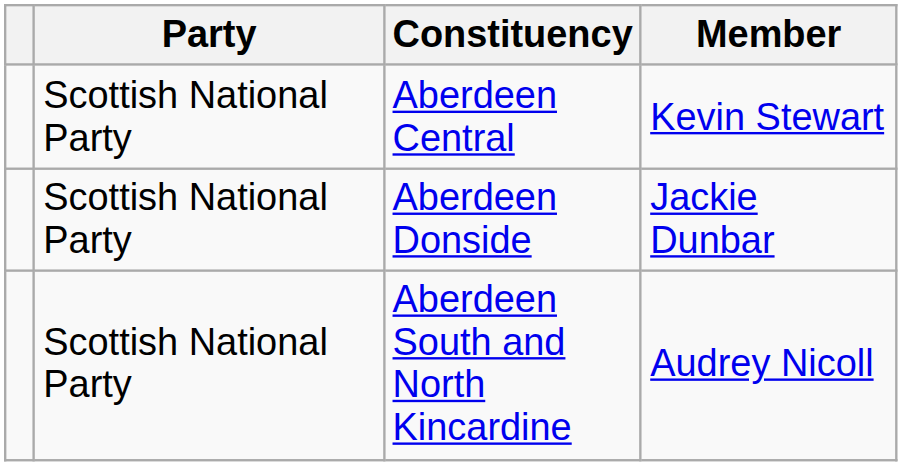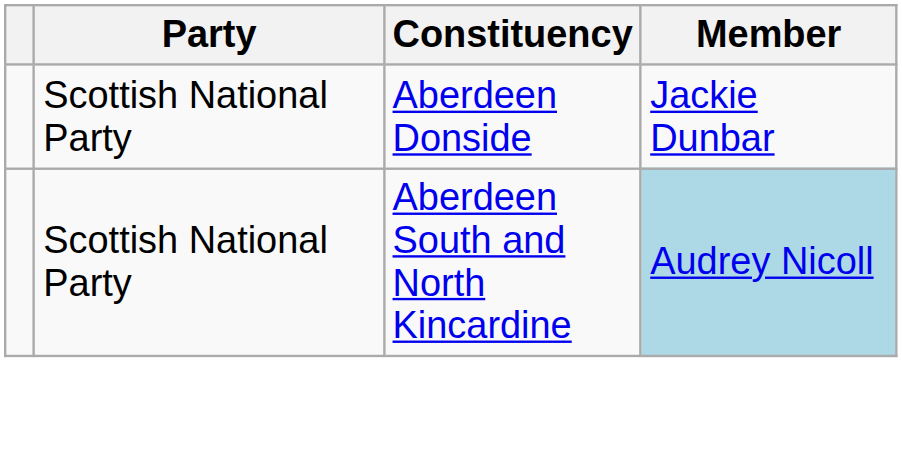 <table class="wikitable">
 <tr>
 <th width="5"></th>
 <th width="140">Party</th>
 <th width="100">Constituency</th>
 <th width="100">Member</th>
-</tr>
-<tr>
-<td></td>
-<td>Scottish National Party</td>
-<td><a href='#'>Aberdeen Central</a></td>
-<td><a href='#'>Kevin Stewart</a></td>
 </tr>
 <tr>
 <td></td>
 <td>Scottish National Party</td>
 <td><a href='#'>Aberdeen Donside</a></td>
 <td><a href='#'>Jackie Dunbar</a></td>
 </tr>
 <tr>
 <td></td>
 <td>Scottish National Party</td>
 <td><a href='#'>Aberdeen South and North Kincardine</a></td>
-<td><a href='#'>Audrey Nicoll</a></td>
+<td style="background: lightblue;"><a href='#'>Audrey Nicoll</a></td>
 </tr>
 </table>
